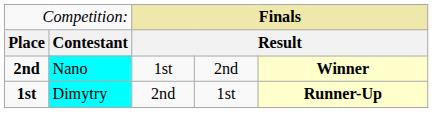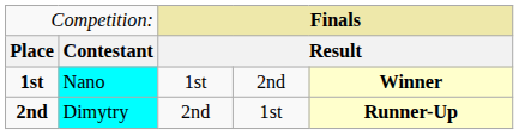 <table class="wikitable">
 <tr>
 <td width=30% colspan="2" align="right"><em>Competition:</em></td>
 <td colspan="11" bgcolor="palegoldenrod" align="Center"><strong>Finals</strong></td>
 </tr>
 <tr>
 <th>Place</th>
 <th>Contestant</th>
 <th colspan="14" align="center">Result</th>
 </tr>
 <tr>
-<td align="center"><strong>2nd</strong></td>
+<td align="center"><strong>1st</strong></td>
 <td bgcolor="cyan">Nano</td>
 <td align="center">1st</td>
 <td align="center">2nd</td>
 <td bgcolor="FFFFCC" align="center"><strong>Winner</strong></td>
 </tr>
 <tr>
-<td align="center"><strong>1st</strong></td>
+<td align="center"><strong>2nd</strong></td>
 <td bgcolor="cyan">Dimytry</td>
 <td align="center">2nd</td>
 <td align="center">1st</td>
 <td bgcolor="FFFFCC" align="center"><strong>Runner-Up</strong></td>
 </tr>
 </table>
